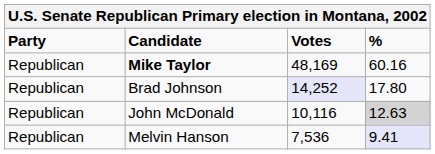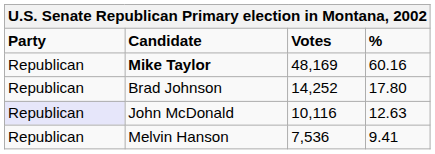 <table class="wikitable">
 <tr>
 <th colspan="4">U.S. Senate Republican Primary election in Montana, 2002</th>
 </tr>
 <tr>
 <td><strong>Party</strong></td>
 <td><strong>Candidate</strong></td>
 <td><strong>Votes</strong></td>
 <td><strong>%</strong></td>
 </tr>
 <tr>
 <td>Republican</td>
 <td><strong>Mike Taylor</strong></td>
 <td>48,169</td>
 <td>60.16</td>
 </tr>
 <tr>
 <td>Republican</td>
 <td>Brad Johnson</td>
-<td style="background: lavender;">14,252</td>
+<td>14,252</td>
 <td>17.80</td>
 </tr>
 <tr>
-<td>Republican</td>
+<td style="background: lavender;">Republican</td>
 <td>John McDonald</td>
 <td>10,116</td>
-<td style="background: lightgrey;">12.63</td>
+<td>12.63</td>
 </tr>
 <tr>
 <td>Republican</td>
 <td>Melvin Hanson</td>
 <td>7,536</td>
-<td style="background: lavender;">9.41</td>
+<td>9.41</td>
 </tr>
 </table>
